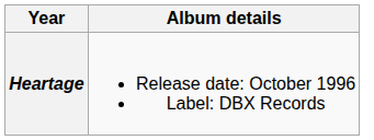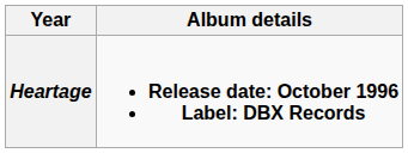 <table class="wikitable" style="text-align:center;">
 <tr>
 <th>Year</th>
 <th>Album details</th>
 </tr>
 <tr>
 <th scope="row"><em>Heartage</em></th>
-<td><br><ul><li>Release date: October 1996</li><li>Label: DBX Records</li></ul></td>
+<td><strong><br><ul><li>Release date: October 1996</li><li>Label: DBX Records</li></ul></strong></td>
 </tr>
 <tr>
 </tr>
 </table>
